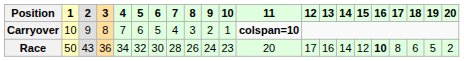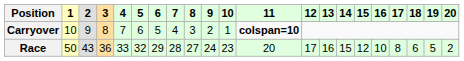 <table class="wikitable" style="font-size:85%; text-align:center">
 <tr>
 <th>Position</th>
 <td style="background:#ffffbf;"><strong>1</strong></td>
 <td style="background:#dfdfdf;"><strong>2</strong></td>
 <td style="background:#ffdf9f;"><strong>3</strong></td>
 <td style="background:#dfffdf;"><strong>4</strong></td>
 <td style="background:#dfffdf;"><strong>5</strong></td>
 <td style="background:#dfffdf;"><strong>6</strong></td>
 <td style="background:#dfffdf;"><strong>7</strong></td>
 <td style="background:#dfffdf;"><strong>8</strong></td>
 <td style="background:#dfffdf;"><strong>9</strong></td>
 <td style="background:#dfffdf;"><strong>10</strong></td>
 <td style="background:#dfffdf;"><strong>11</strong></td>
 <td style="background:#dfffdf;"><strong>12</strong></td>
 <td style="background:#dfffdf;"><strong>13</strong></td>
 <td style="background:#dfffdf;"><strong>14</strong></td>
 <td style="background:#dfffdf;"><strong>15</strong></td>
 <td style="background:#dfffdf;"><strong>16</strong></td>
 <td style="background:#dfffdf;"><strong>17</strong></td>
 <td style="background:#dfffdf;"><strong>18</strong></td>
 <td style="background:#dfffdf;"><strong>19</strong></td>
 <td style="background:#dfffdf;"><strong>20</strong></td>
 </tr>
 <tr>
 <th>Carryover</th>
 <td style="background:#ffffbf;">10</td>
 <td style="background:#dfdfdf;">9</td>
 <td style="background:#ffdf9f;">8</td>
 <td style="background:#dfffdf;">7</td>
 <td style="background:#dfffdf;">6</td>
 <td style="background:#dfffdf;">5</td>
 <td style="background:#dfffdf;">4</td>
 <td style="background:#dfffdf;">3</td>
 <td style="background:#dfffdf;">2</td>
 <td style="background:#dfffdf;">1</td>
 <td><strong>colspan=10 </strong></td>
 </tr>
 <tr>
 <th>Race</th>
 <td style="background:#ffffbf;">50</td>
 <td style="background:#dfdfdf;">43</td>
 <td style="background:#ffdf9f;">36</td>
-<td style="background:#dfffdf;">34</td>
+<td style="background:#dfffdf;">33</td>
 <td style="background:#dfffdf;">32</td>
-<td style="background:#dfffdf;">30</td>
+<td style="background:#dfffdf;">29</td>
 <td style="background:#dfffdf;">28</td>
-<td style="background:#dfffdf;">26</td>
+<td style="background:#dfffdf;">27</td>
 <td style="background:#dfffdf;">24</td>
 <td style="background:#dfffdf;">23</td>
 <td style="background:#dfffdf;">20</td>
 <td style="background:#dfffdf;">17</td>
 <td style="background:#dfffdf;">16</td>
-<td style="background:#dfffdf;">14</td>
+<td style="background:#dfffdf;">15</td>
 <td style="background:#dfffdf;">12</td>
-<td style="background:#dfffdf;"><strong>10</strong></td>
+<td style="background:#dfffdf;">10</td>
 <td style="background:#dfffdf;">8</td>
 <td style="background:#dfffdf;">6</td>
 <td style="background:#dfffdf;">5</td>
 <td style="background:#dfffdf;">2</td>
 </tr>
 </table>
